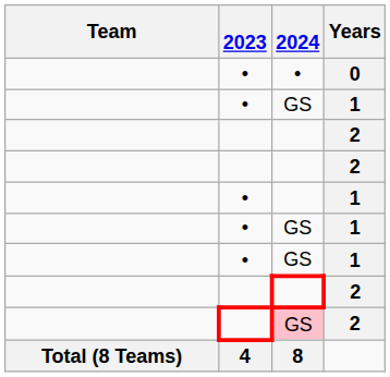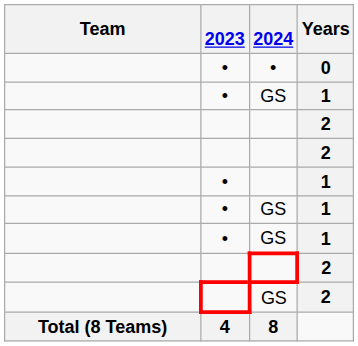 <table class="wikitable" style="text-align:center; font-size:90%">
 <tr>
 <th width=150>Team</th>
 <th><br><a href='#'>2023</a></th>
 <th><br><a href='#'>2024</a></th>
 <th>Years</th>
 </tr>
 <tr>
 <td align=left></td>
 <td>•</td>
 <td>•</td>
 <th>0</th>
 </tr>
 <tr>
 <td align=left></td>
 <td>•</td>
 <td>GS</td>
 <th>1</th>
 </tr>
 <tr>
 <td align=left></td>
 <td></td>
 <td></td>
 <th>2</th>
 </tr>
 <tr>
 <td align=left></td>
 <td></td>
 <td></td>
 <th>2</th>
 </tr>
 <tr>
 <td align=left></td>
 <td>•</td>
 <td></td>
 <th>1</th>
 </tr>
 <tr>
 <td align=left></td>
 <td>•</td>
 <td>GS</td>
 <th>1</th>
 </tr>
 <tr>
 <td align=left></td>
 <td>•</td>
 <td>GS</td>
 <th>1</th>
 </tr>
 <tr>
 <td align=left></td>
 <td></td>
 <td style="border: 3px solid red"></td>
 <th>2</th>
 </tr>
 <tr>
 <td align=left></td>
 <td style="border: 3px solid red"></td>
-<td style="background: pink;">GS</td>
+<td>GS</td>
 <th>2</th>
 </tr>
 <tr>
 <th>Total (8 Teams)</th>
 <th>4</th>
 <th>8</th>
 </tr>
 </table>
